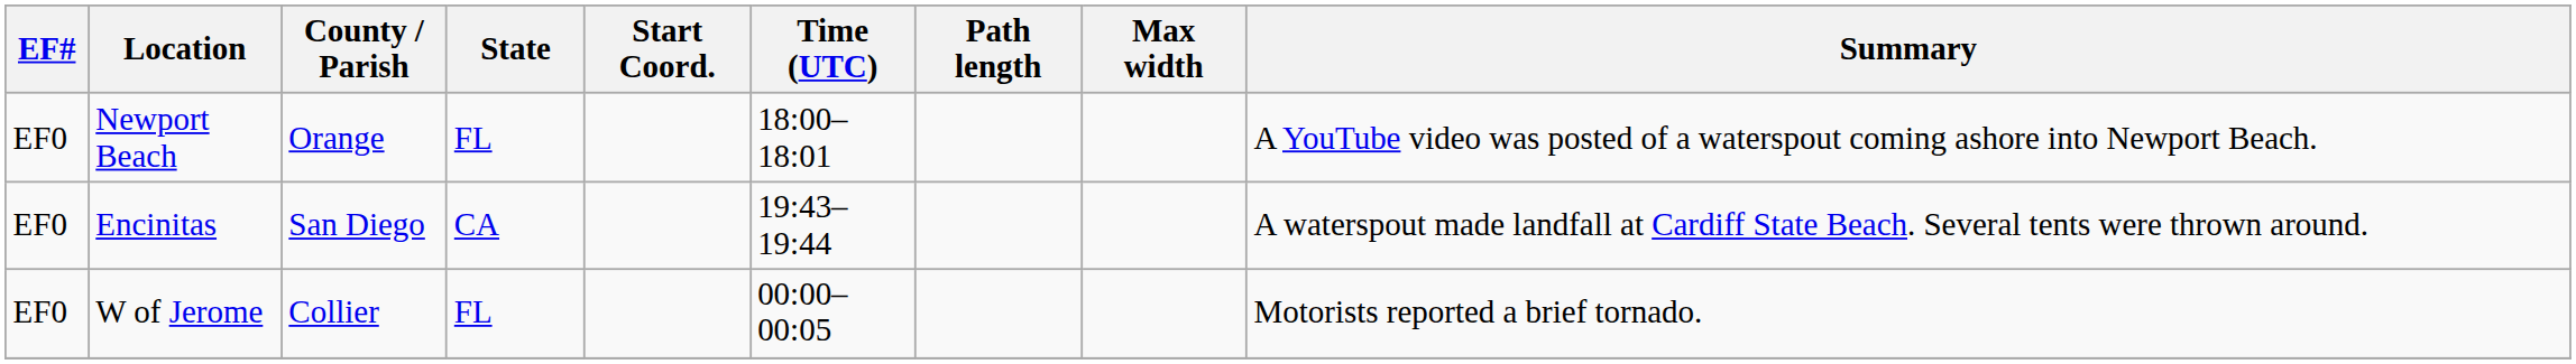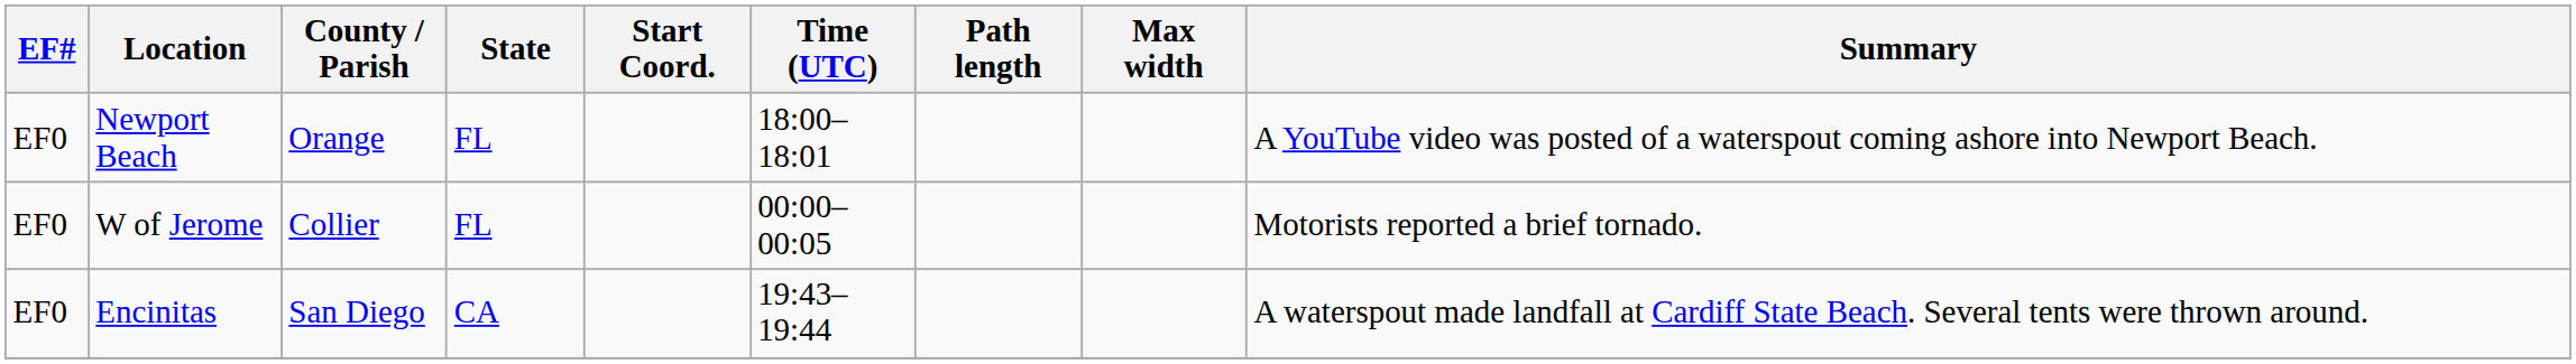 <table class="wikitable sortable" style="width:100%;">
 <tr>
 <th scope="col"  style="width:3%; text-align:center;"><a href='#'>EF#</a></th>
 <th scope="col"  style="width:7%; text-align:center;" class="unsortable">Location</th>
 <th scope="col"  style="width:6%; text-align:center;" class="unsortable">County / Parish</th>
 <th scope="col"  style="width:5%; text-align:center;">State</th>
 <th scope="col"  style="width:6%; text-align:center;">Start Coord.</th>
 <th scope="col"  style="width:6%; text-align:center;">Time (<a href='#'>UTC</a>)</th>
 <th scope="col"  style="width:6%; text-align:center;">Path length</th>
 <th scope="col"  style="width:6%; text-align:center;">Max width</th>
 <th scope="col" class="unsortable" style="width:48%; text-align:center;">Summary</th>
 </tr>
 <tr>
 <td>EF0</td>
 <td><a href='#'>Newport Beach</a></td>
 <td><a href='#'>Orange</a></td>
 <td><a href='#'>FL</a></td>
 <td></td>
 <td>18:00–18:01</td>
 <td></td>
 <td></td>
 <td>A <a href='#'>YouTube</a> video was posted of a waterspout coming ashore into Newport Beach.</td>
 </tr>
 <tr>
 <td>EF0</td>
+<td>W of <a href='#'>Jerome</a></td>
+<td><a href='#'>Collier</a></td>
+<td><a href='#'>FL</a></td>
+<td></td>
+<td>00:00–00:05</td>
+<td></td>
+<td></td>
+<td>Motorists reported a brief tornado.</td>
+</tr>
+<tr>
+<td>EF0</td>
 <td><a href='#'>Encinitas</a></td>
 <td><a href='#'>San Diego</a></td>
 <td><a href='#'>CA</a></td>
 <td></td>
 <td>19:43–19:44</td>
 <td></td>
 <td></td>
 <td>A waterspout made landfall at <a href='#'>Cardiff State Beach</a>. Several tents were thrown around.</td>
 </tr>
 <tr>
-<td>EF0</td>
-<td>W of <a href='#'>Jerome</a></td>
-<td><a href='#'>Collier</a></td>
-<td><a href='#'>FL</a></td>
-<td></td>
-<td>00:00–00:05</td>
-<td></td>
-<td></td>
-<td>Motorists reported a brief tornado.</td>
-</tr>
-<tr>
 </tr>
 </table>
